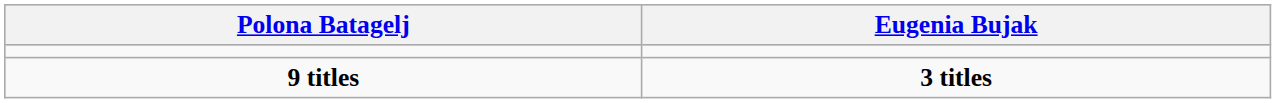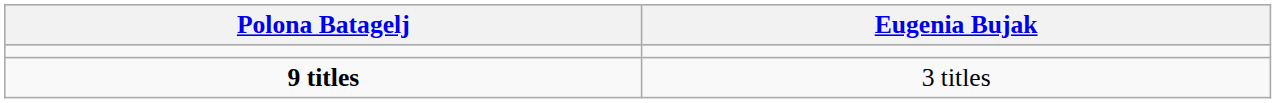 <table class="wikitable" style="text-align:center; width:50%; border:1px #AAAAFF solid">
 <tr>
 <th><a href='#'>Polona Batagelj</a></th>
 <th><a href='#'>Eugenia Bujak</a></th>
 </tr>
 <tr>
 <td width=50></td>
 <td width=50></td>
 </tr>
 <tr>
 <td><strong>9 titles</strong></td>
-<td><strong>3 titles</strong></td>
+<td>3 titles</td>
 </tr>
 </table>
